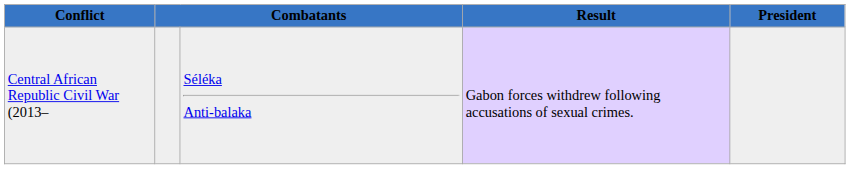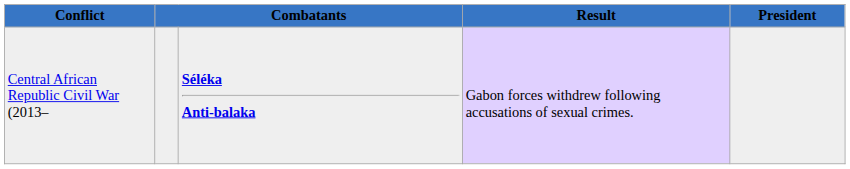 <table class="wikitable">
 <tr>
 <th style="background:#3776C5" width="160"><span>Conflict</span></th>
 <th style="background:#3776C5" width="334" colspan=2><span>Combatants</span></th>
 <th style="background:#3776C5" width="290"><span>Result</span></th>
 <th style="background:#3776C5" width="120"><span>President</span></th>
 </tr>
 <tr>
 <td style="background:#efefef"><a href='#'>Central African Republic Civil War</a><br>(2013–</td>
 <td style="background:#efefef"><br><br><br><br><br><br><br><br></td>
-<td style="background:#efefef"> <a href='#'>Séléka</a><hr> <a href='#'>Anti-balaka</a></td>
+<td style="background:#efefef"><strong> <a href='#'>Séléka</a><hr> <a href='#'>Anti-balaka</a></strong></td>
 <td style="background:#E0D0FF"><br>Gabon forces withdrew following accusations of sexual crimes.</td>
 <td style="background:#efefef"></td>
 </tr>
 </table>
